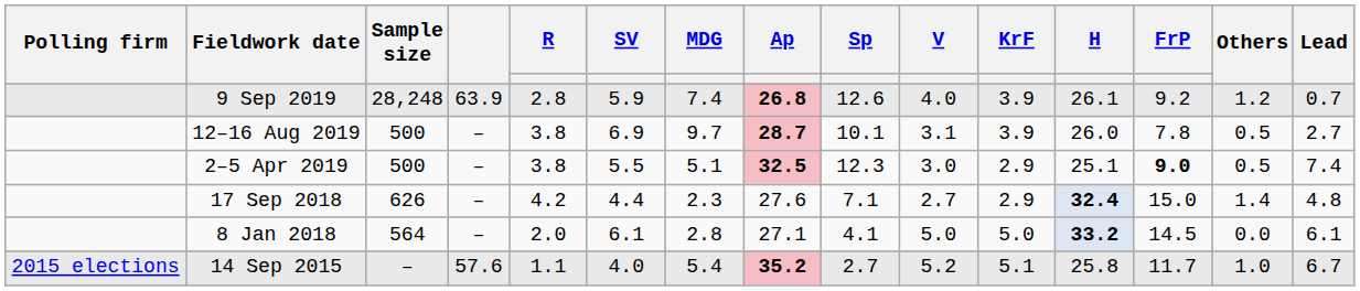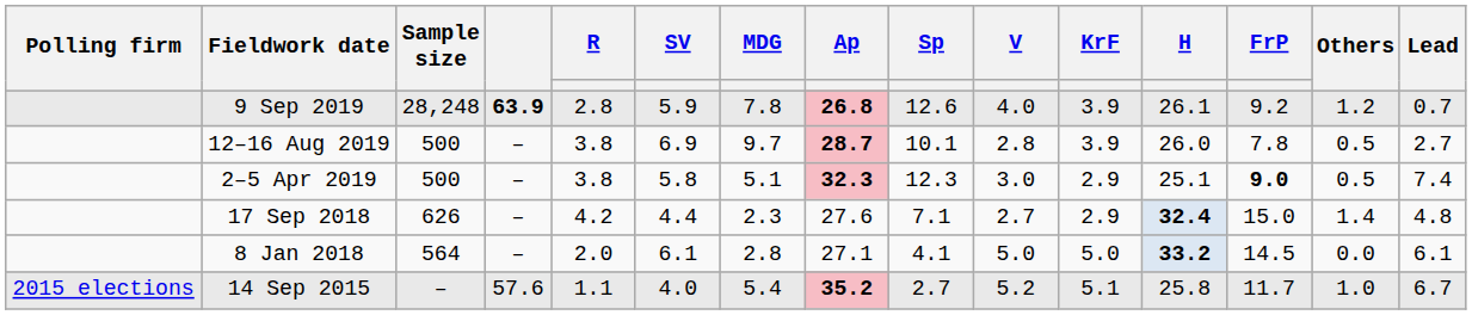 <table class="wikitable sortable" style="text-align:center;font-size:90%;line-height:14px;">
 <tr style="height:40px;">
 <th style="width:100px;" rowspan="2">Polling firm</th>
 <th style="width:100px;" rowspan="2">Fieldwork date</th>
 <th style="width:35px;" rowspan="2">Sample<br>size</th>
 <th style="width:30px;" rowspan="2"></th>
 <th class="unsortable" style="width:40px;"><a href='#'>R</a></th>
 <th class="unsortable" style="width:40px;"><a href='#'>SV</a></th>
 <th class="unsortable" style="width:40px;"><a href='#'>MDG</a></th>
 <th class="unsortable" style="width:40px;"><a href='#'>Ap</a></th>
 <th class="unsortable" style="width:40px;"><a href='#'>Sp</a></th>
 <th class="unsortable" style="width:40px;"><a href='#'>V</a></th>
 <th class="unsortable" style="width:40px;"><a href='#'>KrF</a></th>
 <th class="unsortable" style="width:40px;"><a href='#'>H</a></th>
 <th class="unsortable" style="width:40px;"><a href='#'>FrP</a></th>
 <th class="unsortable" style="width:30px;" rowspan="2">Others</th>
 <th style="width:30px;" rowspan="2">Lead</th>
 </tr>
 <tr>
 <th style="background:"></th>
 <th style="background:"></th>
 <th style="background:"></th>
 <th style="background:"></th>
 <th style="background:"></th>
 <th style="background:"></th>
 <th style="background:"></th>
 <th style="background:"></th>
 <th style="background:"></th>
 </tr>
 <tr style="background:#E9E9E9;">
 <td></td>
 <td data-sort-value="2019-09-09">9 Sep 2019</td>
 <td>28,248</td>
-<td>63.9</td>
+<td><strong>63.9</strong></td>
 <td>2.8</td>
 <td>5.9</td>
-<td>7.4</td>
+<td>7.8</td>
 <td style="background:#F7BDC5;"><strong>26.8</strong></td>
 <td>12.6</td>
 <td>4.0</td>
 <td>3.9</td>
 <td>26.1</td>
 <td>9.2</td>
 <td>1.2</td>
 <td style="background:">0.7</td>
 </tr>
 <tr>
 <td></td>
 <td data-sort-value="2019-08-23">12–16 Aug 2019</td>
 <td>500</td>
 <td>–</td>
 <td>3.8</td>
 <td>6.9</td>
 <td>9.7</td>
 <td style="background:#F7BDC5;"><strong>28.7</strong></td>
 <td>10.1</td>
-<td>3.1</td>
+<td>2.8</td>
 <td>3.9</td>
 <td>26.0</td>
 <td>7.8</td>
 <td>0.5</td>
 <td style="background:">2.7</td>
 </tr>
 <tr>
 <td></td>
 <td data-sort-value="2019-04-05">2–5 Apr 2019</td>
 <td>500</td>
 <td>–</td>
 <td>3.8</td>
-<td>5.5</td>
+<td>5.8</td>
 <td>5.1</td>
-<td style="background:#F7BDC5;"><strong>32.5</strong></td>
+<td style="background:#F7BDC5;"><strong>32.3</strong></td>
 <td>12.3</td>
 <td>3.0</td>
 <td>2.9</td>
 <td>25.1</td>
 <td><strong>9.0</strong></td>
 <td>0.5</td>
 <td style="background:">7.4</td>
 </tr>
 <tr>
 <td></td>
 <td data-sort-value="2018-09-17">17 Sep 2018</td>
 <td>626</td>
 <td>–</td>
 <td>4.2</td>
 <td>4.4</td>
 <td>2.3</td>
 <td>27.6</td>
 <td>7.1</td>
 <td>2.7</td>
 <td>2.9</td>
 <td style="background:#DCE7F3;"><strong>32.4</strong></td>
 <td>15.0</td>
 <td>1.4</td>
 <td style="background:">4.8</td>
 </tr>
 <tr>
 <td></td>
 <td data-sort-value="2018-01-08">8 Jan 2018</td>
 <td>564</td>
 <td>–</td>
 <td>2.0</td>
 <td>6.1</td>
 <td>2.8</td>
 <td>27.1</td>
 <td>4.1</td>
 <td>5.0</td>
 <td>5.0</td>
 <td style="background:#DCE7F3;"><strong>33.2</strong></td>
 <td>14.5</td>
 <td>0.0</td>
 <td style="background:">6.1</td>
 </tr>
 <tr style="background:#E9E9E9;">
 <td><a href='#'>2015 elections</a></td>
 <td data-sort-value="2015-09-14">14 Sep 2015</td>
 <td>–</td>
 <td>57.6</td>
 <td>1.1</td>
 <td>4.0</td>
 <td>5.4</td>
 <td style="background:#F7BDC5;"><strong>35.2</strong></td>
 <td>2.7</td>
 <td>5.2</td>
 <td>5.1</td>
 <td>25.8</td>
 <td>11.7</td>
 <td>1.0</td>
 <td style="background:">6.7</td>
 </tr>
 </table>
